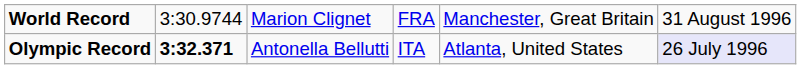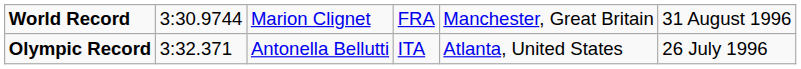 <table class="wikitable">
 <tr>
 <td><strong>World Record</strong></td>
 <td>3:30.9744</td>
 <td><a href='#'>Marion Clignet</a></td>
 <td><a href='#'>FRA</a></td>
 <td><a href='#'>Manchester</a>, Great Britain</td>
 <td>31 August 1996</td>
 </tr>
 <tr>
 <td><strong>Olympic Record</strong></td>
-<td><strong>3:32.371</strong></td>
+<td>3:32.371</td>
 <td><a href='#'>Antonella Bellutti</a></td>
 <td><a href='#'>ITA</a></td>
 <td><a href='#'>Atlanta</a>, United States</td>
-<td style="background: lavender;">26 July 1996</td>
+<td>26 July 1996</td>
 </tr>
 </table>
